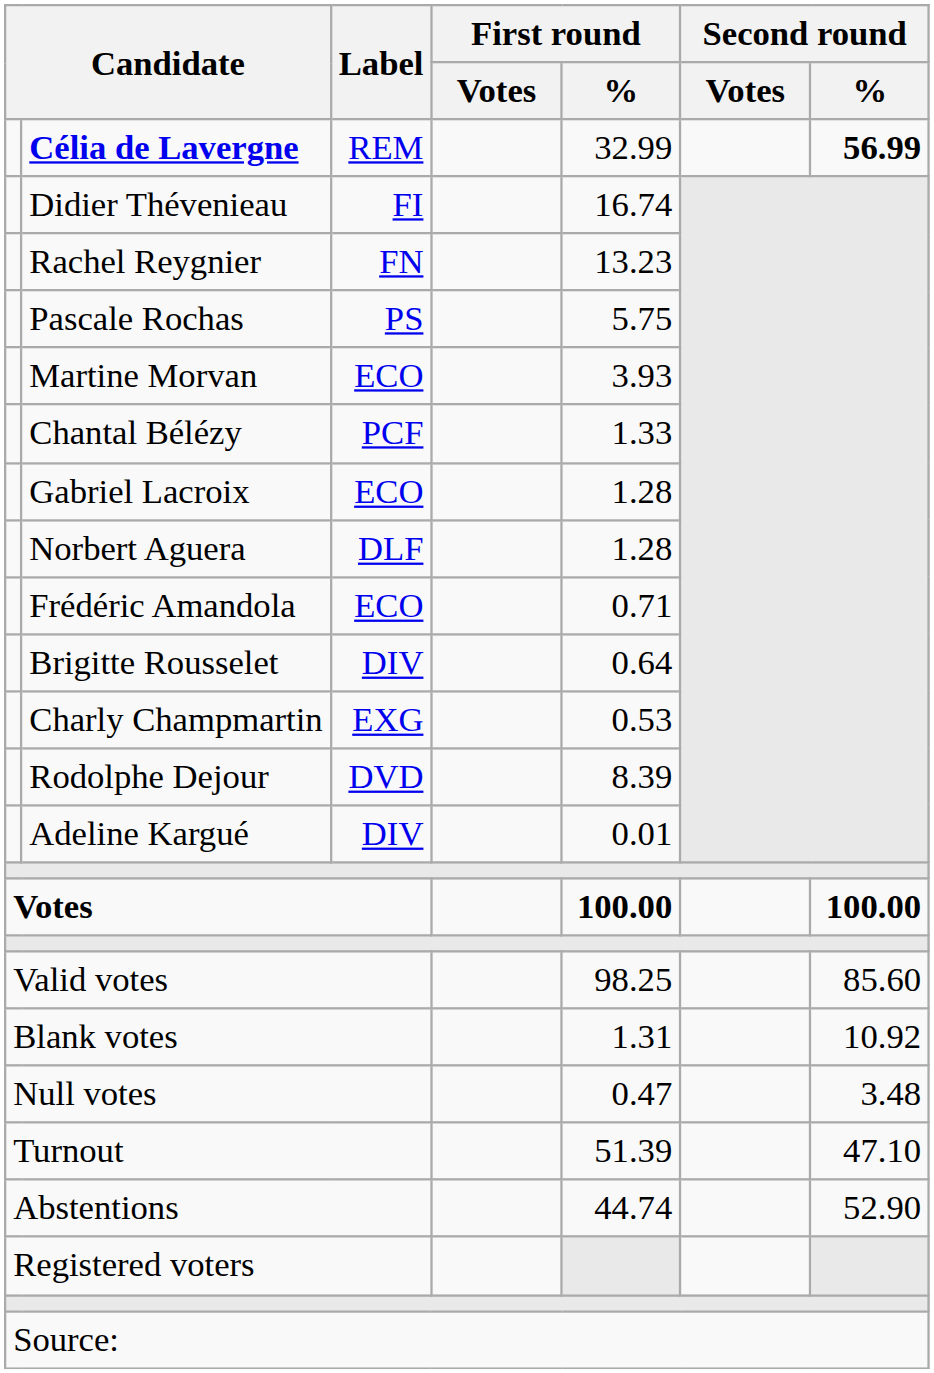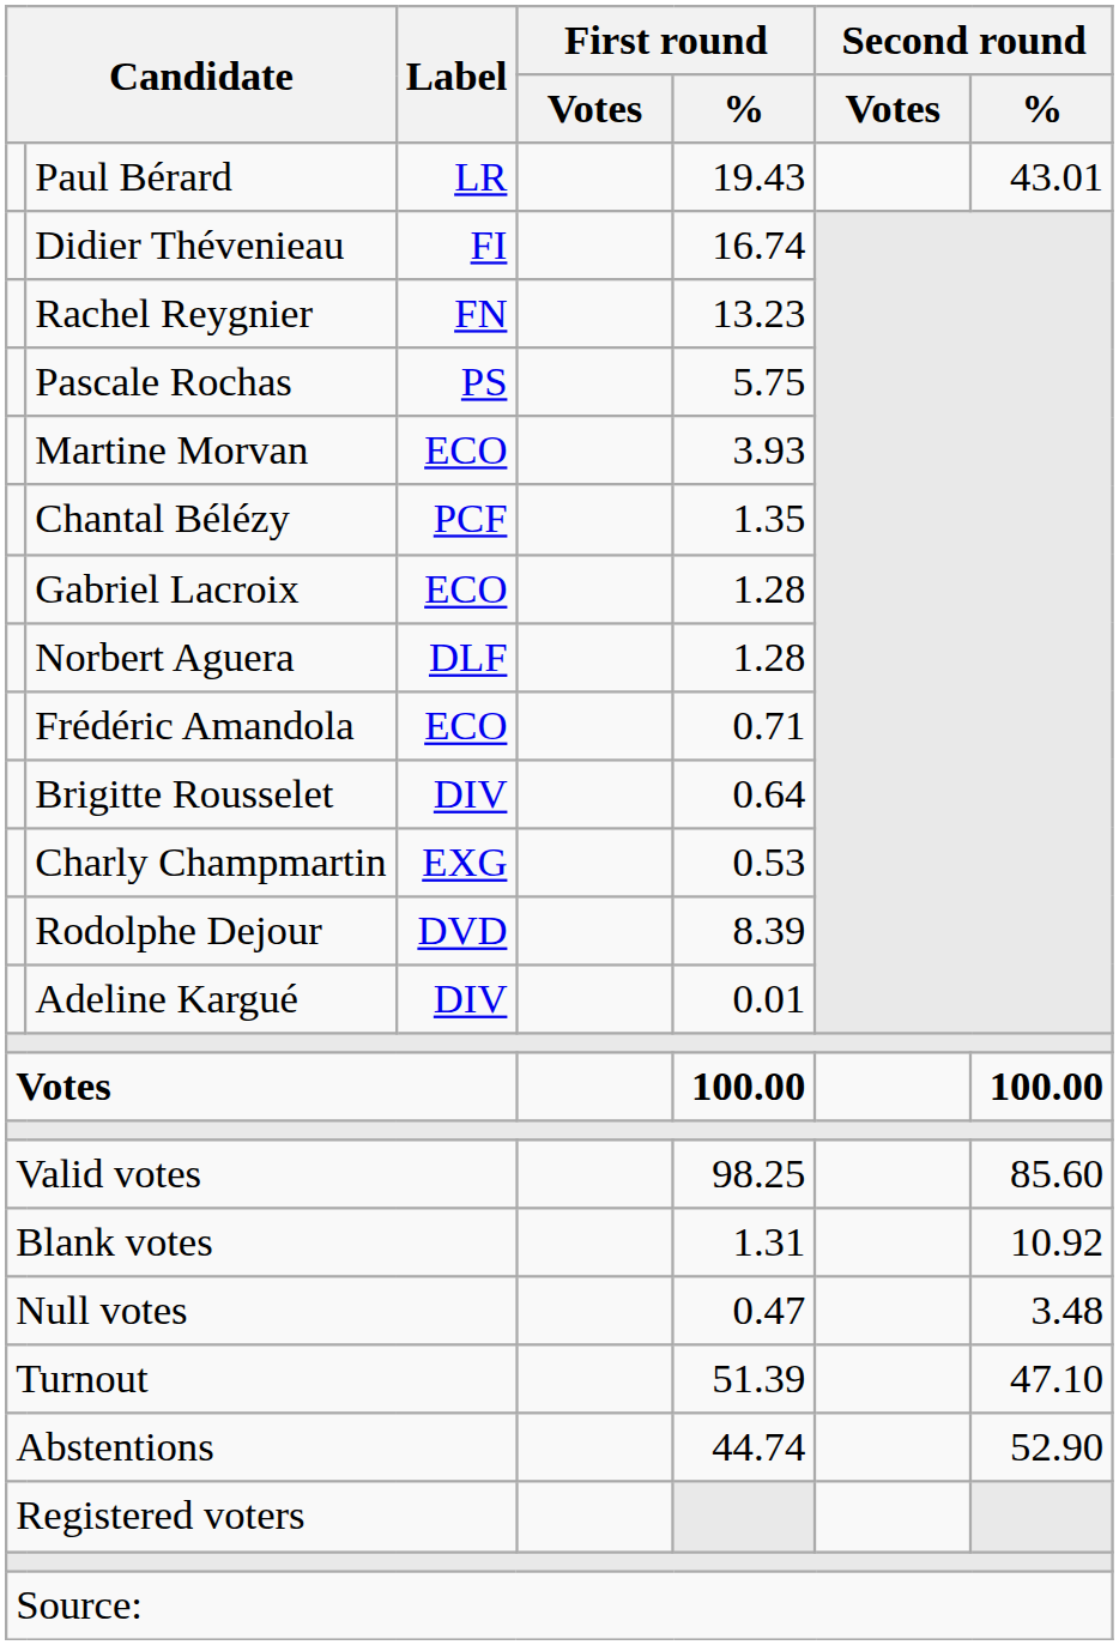 <table class="wikitable" style="text-align:right;font-size:95%;">
 <tr>
 <th rowspan="2" colspan="2">Candidate</th>
 <th rowspan="2">Label</th>
 <th colspan="2">First round</th>
 <th colspan="2">Second round</th>
 </tr>
 <tr>
 <th style="width:50px;">Votes</th>
 <th style="width:45px;">%</th>
 <th style="width:50px;">Votes</th>
 <th style="width:45px;">%</th>
 </tr>
 <tr>
 <td style="color:inherit;background:"></td>
-<td style="text-align:left;"><strong><a href='#'>Célia de Lavergne</a></strong></td>
-<td><a href='#'>REM</a></td>
+<td style="text-align:left;">Paul Bérard</td>
+<td><a href='#'>LR</a></td>
 <td></td>
-<td>32.99</td>
-<td><strong></strong></td>
-<td><strong>56.99</strong></td>
+<td>19.43</td>
+<td></td>
+<td>43.01</td>
 </tr>
 <tr>
 <td style="color:inherit;background:"></td>
 <td style="text-align:left;">Didier Thévenieau</td>
 <td><a href='#'>FI</a></td>
 <td></td>
 <td>16.74</td>
 <td colspan="2" rowspan="12" style="background:#E9E9E9;"></td>
 </tr>
 <tr>
 <td style="color:inherit;background:"></td>
 <td style="text-align:left;">Rachel Reygnier</td>
 <td><a href='#'>FN</a></td>
 <td></td>
 <td>13.23</td>
 </tr>
 <tr>
 <td style="color:inherit;background:"></td>
 <td style="text-align:left;">Pascale Rochas</td>
 <td><a href='#'>PS</a></td>
 <td></td>
 <td>5.75</td>
 </tr>
 <tr>
 <td style="color:inherit;background:"></td>
 <td style="text-align:left;">Martine Morvan</td>
 <td><a href='#'>ECO</a></td>
 <td></td>
 <td>3.93</td>
 </tr>
 <tr>
 <td style="color:inherit;background:"></td>
 <td style="text-align:left;">Chantal Bélézy</td>
 <td><a href='#'>PCF</a></td>
 <td></td>
-<td>1.33</td>
+<td>1.35</td>
 </tr>
 <tr>
 <td style="color:inherit;background:"></td>
 <td style="text-align:left;">Gabriel Lacroix</td>
 <td><a href='#'>ECO</a></td>
 <td></td>
 <td>1.28</td>
 </tr>
 <tr>
 <td style="color:inherit;background:"></td>
 <td style="text-align:left;">Norbert Aguera</td>
 <td><a href='#'>DLF</a></td>
 <td></td>
 <td>1.28</td>
 </tr>
 <tr>
 <td style="color:inherit;background:"></td>
 <td style="text-align:left;">Frédéric Amandola</td>
 <td><a href='#'>ECO</a></td>
 <td></td>
 <td>0.71</td>
 </tr>
 <tr>
 <td style="color:inherit;background:"></td>
 <td style="text-align:left;">Brigitte Rousselet</td>
 <td><a href='#'>DIV</a></td>
 <td></td>
 <td>0.64</td>
 </tr>
 <tr>
 <td style="color:inherit;background:"></td>
 <td style="text-align:left;">Charly Champmartin</td>
 <td><a href='#'>EXG</a></td>
 <td></td>
 <td>0.53</td>
 </tr>
 <tr>
 <td style="color:inherit;background:"></td>
 <td style="text-align:left;">Rodolphe Dejour</td>
 <td><a href='#'>DVD</a></td>
 <td></td>
 <td>8.39</td>
 </tr>
 <tr>
 <td style="color:inherit;background:"></td>
 <td style="text-align:left;">Adeline Kargué</td>
 <td><a href='#'>DIV</a></td>
 <td></td>
 <td>0.01</td>
 </tr>
 <tr>
 <td colspan="7" style="background:#E9E9E9;"></td>
 </tr>
 <tr style="font-weight:bold;">
 <td colspan="3" style="text-align:left;">Votes</td>
 <td></td>
 <td>100.00</td>
 <td></td>
 <td>100.00</td>
 </tr>
 <tr>
 <td colspan="7" style="background:#E9E9E9;"></td>
 </tr>
 <tr>
 <td colspan="3" style="text-align:left;">Valid votes</td>
 <td></td>
 <td>98.25</td>
 <td></td>
 <td>85.60</td>
 </tr>
 <tr>
 <td colspan="3" style="text-align:left;">Blank votes</td>
 <td></td>
 <td>1.31</td>
 <td></td>
 <td>10.92</td>
 </tr>
 <tr>
 <td colspan="3" style="text-align:left;">Null votes</td>
 <td></td>
 <td>0.47</td>
 <td></td>
 <td>3.48</td>
 </tr>
 <tr>
 <td colspan="3" style="text-align:left;">Turnout</td>
 <td></td>
 <td>51.39</td>
 <td></td>
 <td>47.10</td>
 </tr>
 <tr>
 <td colspan="3" style="text-align:left;">Abstentions</td>
 <td></td>
 <td>44.74</td>
 <td></td>
 <td>52.90</td>
 </tr>
 <tr>
 <td colspan="3" style="text-align:left;">Registered voters</td>
 <td></td>
 <td style="color:inherit;background:#E9E9E9;"></td>
 <td></td>
 <td style="color:inherit;background:#E9E9E9;"></td>
 </tr>
 <tr>
 <td colspan="7" style="background:#E9E9E9;"></td>
 </tr>
 <tr>
 <td colspan="7" style="text-align:left;">Source: </td>
 </tr>
 </table>
